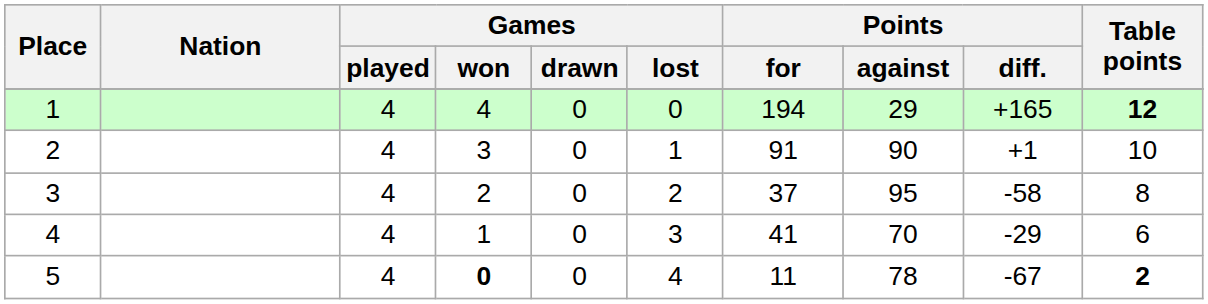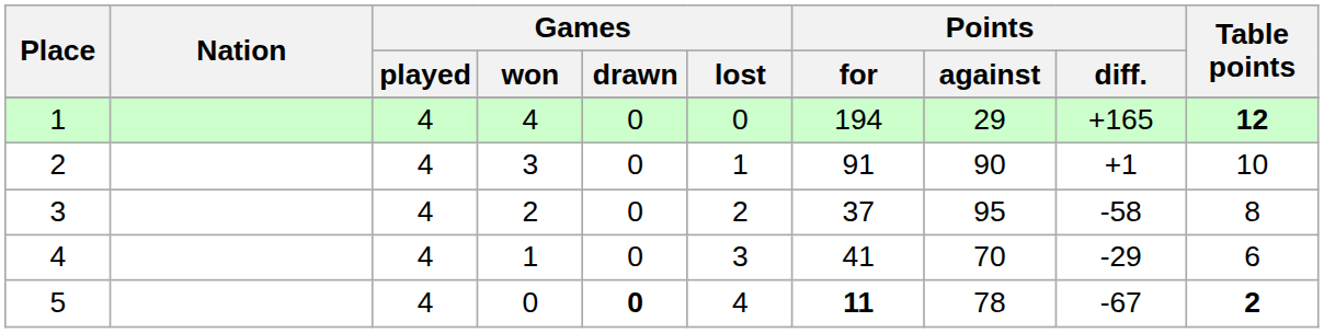 <table class="wikitable">
 <tr>
 <th rowspan=2 width="8%">Place</th>
 <th rowspan=2 width="20%">Nation</th>
 <th colspan=4 width="32%">Games</th>
 <th colspan=3 width="30%">Points</th>
 <th rowspan=2 width="10%">Table<br>points</th>
 </tr>
 <tr>
 <th width="8%">played</th>
 <th width="8%">won</th>
 <th width="8%">drawn</th>
 <th width="8%">lost</th>
 <th width="10%">for</th>
 <th width="10%">against</th>
 <th width="10%">diff.</th>
 </tr>
 <tr>
 </tr>
 <tr bgcolor=#ccffcc align=center>
 <td>1</td>
 <td align=left><strong></strong></td>
 <td>4</td>
 <td>4</td>
 <td>0</td>
 <td>0</td>
 <td>194</td>
 <td>29</td>
 <td>+165</td>
 <td><strong>12</strong></td>
 </tr>
 <tr bgcolor=#ffffff align=center>
 <td>2</td>
 <td align=left></td>
 <td>4</td>
 <td>3</td>
 <td>0</td>
 <td>1</td>
 <td>91</td>
 <td>90</td>
 <td>+1</td>
 <td>10</td>
 </tr>
 <tr bgcolor=#ffffff align=center>
 <td>3</td>
 <td align=left></td>
 <td>4</td>
 <td>2</td>
 <td>0</td>
 <td>2</td>
 <td>37</td>
 <td>95</td>
 <td>-58</td>
 <td>8</td>
 </tr>
 <tr bgcolor=#ffffff align=center>
 <td>4</td>
 <td align=left></td>
 <td>4</td>
 <td>1</td>
 <td>0</td>
 <td>3</td>
 <td>41</td>
 <td>70</td>
 <td>-29</td>
 <td>6</td>
 </tr>
 <tr bgcolor=#ffffff align=center>
 <td>5</td>
 <td align=left><em></em></td>
 <td>4</td>
+<td>0</td>
 <td><strong>0</strong></td>
-<td>0</td>
 <td>4</td>
-<td>11</td>
+<td><strong>11</strong></td>
 <td>78</td>
 <td>-67</td>
 <td><strong>2</strong></td>
 </tr>
 </table>
